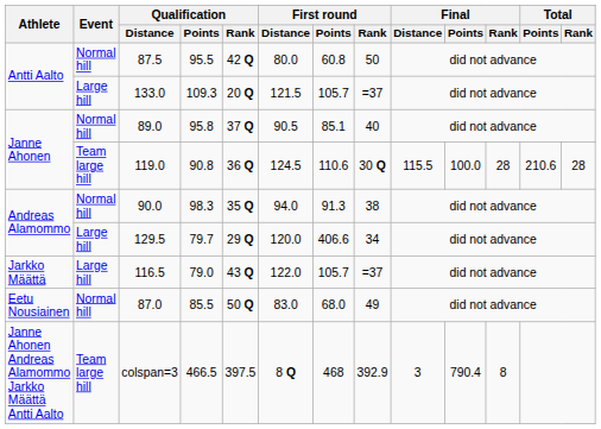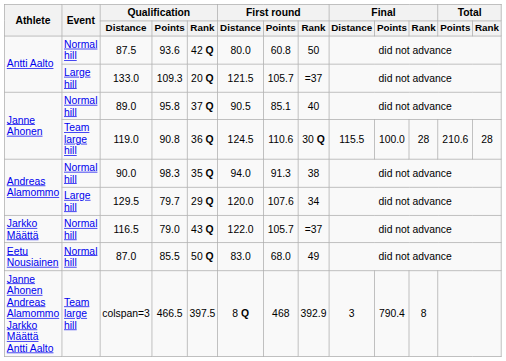 <table class="wikitable" style="font-size:90%">
 <tr>
 <th rowspan=2>Athlete</th>
 <th rowspan=2>Event</th>
 <th colspan=3>Qualification</th>
 <th colspan=3>First round</th>
 <th colspan=3>Final</th>
 <th colspan=2>Total</th>
 </tr>
 <tr style="font-size:95%">
 <th>Distance</th>
 <th>Points</th>
 <th>Rank</th>
 <th>Distance</th>
 <th>Points</th>
 <th>Rank</th>
 <th>Distance</th>
 <th>Points</th>
 <th>Rank</th>
 <th>Points</th>
 <th>Rank</th>
 </tr>
 <tr align=center>
 <td align=left rowspan=2><a href='#'>Antti Aalto</a></td>
 <td align=left><a href='#'>Normal hill</a></td>
 <td>87.5</td>
-<td>95.5</td>
+<td>93.6</td>
 <td>42 <strong>Q</strong></td>
 <td>80.0</td>
 <td>60.8</td>
 <td>50</td>
 <td colspan=5>did not advance</td>
 </tr>
 <tr align=center>
 <td align=left><a href='#'>Large hill</a></td>
 <td>133.0</td>
 <td>109.3</td>
 <td>20 <strong>Q</strong></td>
 <td>121.5</td>
 <td>105.7</td>
 <td>=37</td>
 <td colspan=5>did not advance</td>
 </tr>
 <tr align=center>
 <td align=left rowspan=2><a href='#'>Janne Ahonen</a></td>
 <td align=left><a href='#'>Normal hill</a></td>
 <td>89.0</td>
 <td>95.8</td>
 <td>37 <strong>Q</strong></td>
 <td>90.5</td>
 <td>85.1</td>
 <td>40</td>
 <td colspan=5>did not advance</td>
 </tr>
 <tr align=center>
 <td align=left><a href='#'>Team large hill</a></td>
 <td>119.0</td>
 <td>90.8</td>
 <td>36 <strong>Q</strong></td>
 <td>124.5</td>
 <td>110.6</td>
 <td>30 <strong>Q</strong></td>
 <td>115.5</td>
 <td>100.0</td>
 <td>28</td>
 <td>210.6</td>
 <td>28</td>
 </tr>
 <tr align=center>
 <td align=left rowspan=2><a href='#'>Andreas Alamommo</a></td>
 <td align=left><a href='#'>Normal hill</a></td>
 <td>90.0</td>
 <td>98.3</td>
 <td>35 <strong>Q</strong></td>
 <td>94.0</td>
 <td>91.3</td>
 <td>38</td>
 <td colspan=5>did not advance</td>
 </tr>
 <tr align=center>
 <td align=left><a href='#'>Large hill</a></td>
 <td>129.5</td>
 <td>79.7</td>
 <td>29 <strong>Q</strong></td>
 <td>120.0</td>
-<td>406.6</td>
+<td>107.6</td>
 <td>34</td>
 <td colspan=5>did not advance</td>
 </tr>
 <tr align=center>
 <td align=left><a href='#'>Jarkko Määttä</a></td>
-<td align=left><a href='#'>Large hill</a></td>
+<td align=left><a href='#'>Normal hill</a></td>
 <td>116.5</td>
 <td>79.0</td>
 <td>43 <strong>Q</strong></td>
 <td>122.0</td>
 <td>105.7</td>
 <td>=37</td>
 <td colspan=5>did not advance</td>
 </tr>
 <tr align=center>
 <td align=left><a href='#'>Eetu Nousiainen</a></td>
 <td align=left><a href='#'>Normal hill</a></td>
 <td>87.0</td>
 <td>85.5</td>
 <td>50 <strong>Q</strong></td>
 <td>83.0</td>
 <td>68.0</td>
 <td>49</td>
 <td colspan=5>did not advance</td>
 </tr>
 <tr align=center>
 <td align=left><a href='#'>Janne Ahonen</a><br><a href='#'>Andreas Alamommo</a><br><a href='#'>Jarkko Määttä</a><br><a href='#'>Antti Aalto</a></td>
 <td align=left><a href='#'>Team large hill</a></td>
 <td>colspan=3 </td>
 <td>466.5</td>
 <td>397.5</td>
 <td>8 <strong>Q</strong></td>
 <td>468</td>
 <td>392.9</td>
 <td>3</td>
 <td>790.4</td>
 <td>8</td>
 </tr>
 </table>
